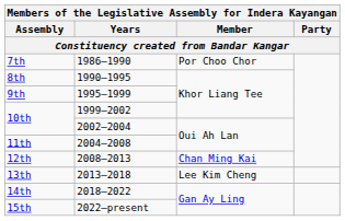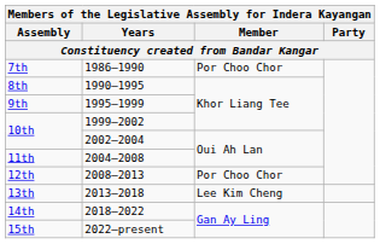 <table class=wikitable>
 <tr>
 <th colspan=4>Members of the Legislative Assembly for Indera Kayangan</th>
 </tr>
 <tr>
 <th>Assembly</th>
 <th>Years</th>
 <th>Member</th>
 <th>Party</th>
 </tr>
 <tr>
 <th colspan=4 align=center><em>Constituency created from Bandar Kangar</em></th>
 </tr>
 <tr>
 <td><a href='#'>7th</a></td>
 <td>1986–1990</td>
 <td>Por Choo Chor</td>
 <td rowspan=7></td>
 </tr>
 <tr>
 <td><a href='#'>8th</a></td>
 <td>1990–1995</td>
 <td rowspan=3>Khor Liang Tee</td>
 </tr>
 <tr>
 <td><a href='#'>9th</a></td>
 <td>1995–1999</td>
 </tr>
 <tr>
 <td rowspan=2><a href='#'>10th</a></td>
 <td>1999–2002</td>
 </tr>
 <tr>
 <td>2002–2004</td>
 <td rowspan=2>Oui Ah Lan</td>
 </tr>
 <tr>
 <td><a href='#'>11th</a></td>
 <td>2004–2008</td>
 </tr>
 <tr>
 <td><a href='#'>12th</a></td>
 <td>2008–2013</td>
-<td><a href='#'>Chan Ming Kai</a></td>
+<td>Por Choo Chor</td>
 </tr>
 <tr>
 <td><a href='#'>13th</a></td>
 <td>2013–2018</td>
 <td>Lee Kim Cheng</td>
 <td></td>
 </tr>
 <tr>
 <td><a href='#'>14th</a></td>
 <td>2018–2022</td>
 <td rowspan=2><a href='#'>Gan Ay Ling</a></td>
 <td rowspan=2></td>
 </tr>
 <tr>
 <td><a href='#'>15th</a></td>
 <td>2022–present</td>
 </tr>
 </table>
